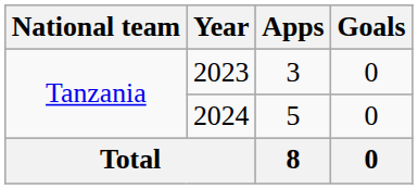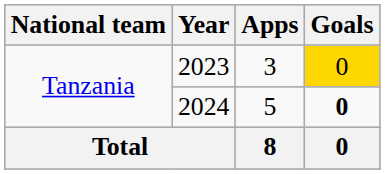 <table class="wikitable" style="text-align:center">
 <tr>
 <th>National team</th>
 <th>Year</th>
 <th>Apps</th>
 <th>Goals</th>
 </tr>
 <tr>
 <td rowspan="2"><a href='#'>Tanzania</a></td>
 <td>2023</td>
 <td>3</td>
-<td>0</td>
+<td style="background: gold;">0</td>
 </tr>
 <tr>
 <td>2024</td>
 <td>5</td>
-<td>0</td>
+<td><strong>0</strong></td>
 </tr>
 <tr>
 <th colspan="2">Total</th>
 <th>8</th>
 <th>0</th>
 </tr>
 </table>
